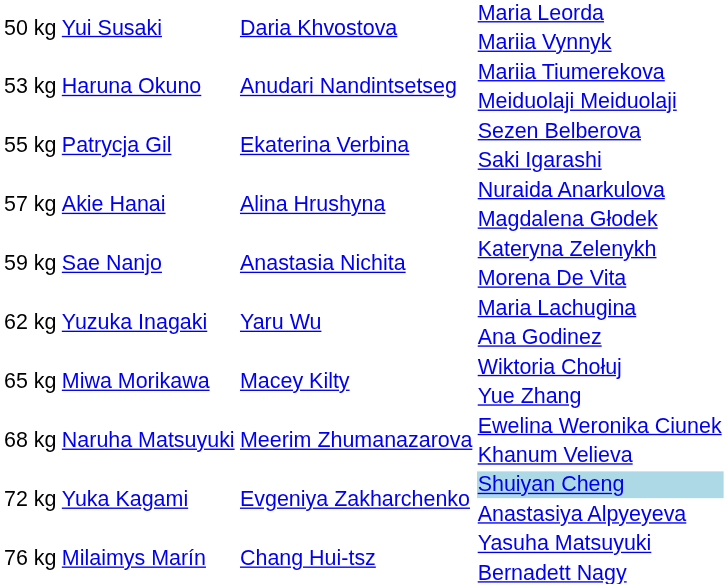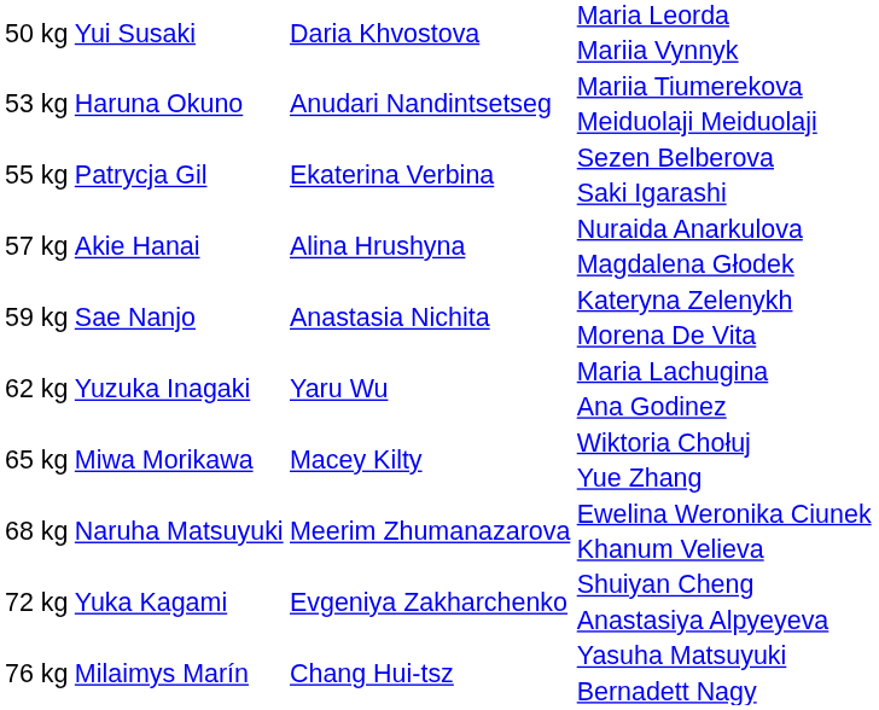 <table>
 <tr>
 <td rowspan=2>50 kg</td>
 <td rowspan=2> <a href='#'>Yui Susaki</a></td>
 <td rowspan=2> <a href='#'>Daria Khvostova</a></td>
 <td> <a href='#'>Maria Leorda</a></td>
 </tr>
 <tr>
 <td> <a href='#'>Mariia Vynnyk</a></td>
 </tr>
 <tr>
 <td rowspan=2>53 kg</td>
 <td rowspan=2> <a href='#'>Haruna Okuno</a></td>
 <td rowspan=2> <a href='#'>Anudari Nandintsetseg</a></td>
 <td> <a href='#'>Mariia Tiumerekova</a></td>
 </tr>
 <tr>
 <td> <a href='#'>Meiduolaji Meiduolaji</a></td>
 </tr>
 <tr>
 <td rowspan=2>55 kg</td>
 <td rowspan=2> <a href='#'>Patrycja Gil</a></td>
 <td rowspan=2> <a href='#'>Ekaterina Verbina</a></td>
 <td> <a href='#'>Sezen Belberova</a></td>
 </tr>
 <tr>
 <td> <a href='#'>Saki Igarashi</a></td>
 </tr>
 <tr>
 <td rowspan=2>57 kg</td>
 <td rowspan=2> <a href='#'>Akie Hanai</a></td>
 <td rowspan=2> <a href='#'>Alina Hrushyna</a></td>
 <td> <a href='#'>Nuraida Anarkulova</a></td>
 </tr>
 <tr>
 <td> <a href='#'>Magdalena Głodek</a></td>
 </tr>
 <tr>
 <td rowspan=2>59 kg</td>
 <td rowspan=2> <a href='#'>Sae Nanjo</a></td>
 <td rowspan=2> <a href='#'>Anastasia Nichita</a></td>
 <td> <a href='#'>Kateryna Zelenykh</a></td>
 </tr>
 <tr>
 <td> <a href='#'>Morena De Vita</a></td>
 </tr>
 <tr>
 <td rowspan=2>62 kg</td>
 <td rowspan=2> <a href='#'>Yuzuka Inagaki</a></td>
 <td rowspan=2> <a href='#'>Yaru Wu</a></td>
 <td> <a href='#'>Maria Lachugina</a></td>
 </tr>
 <tr>
 <td> <a href='#'>Ana Godinez</a></td>
 </tr>
 <tr>
 <td rowspan=2>65 kg</td>
 <td rowspan=2> <a href='#'>Miwa Morikawa</a></td>
 <td rowspan=2> <a href='#'>Macey Kilty</a></td>
 <td> <a href='#'>Wiktoria Chołuj</a></td>
 </tr>
 <tr>
 <td> <a href='#'>Yue Zhang</a></td>
 </tr>
 <tr>
 <td rowspan=2>68 kg</td>
 <td rowspan=2> <a href='#'>Naruha Matsuyuki</a></td>
 <td rowspan=2> <a href='#'>Meerim Zhumanazarova</a></td>
 <td> <a href='#'>Ewelina Weronika Ciunek</a></td>
 </tr>
 <tr>
 <td> <a href='#'>Khanum Velieva</a></td>
 </tr>
 <tr>
 <td rowspan=2>72 kg</td>
 <td rowspan=2> <a href='#'>Yuka Kagami</a></td>
 <td rowspan=2> <a href='#'>Evgeniya Zakharchenko</a></td>
-<td style="background: lightblue;"> <a href='#'>Shuiyan Cheng</a></td>
+<td> <a href='#'>Shuiyan Cheng</a></td>
 </tr>
 <tr>
 <td> <a href='#'>Anastasiya Alpyeyeva</a></td>
 </tr>
 <tr>
 <td rowspan=2>76 kg</td>
 <td rowspan=2> <a href='#'>Milaimys Marín</a></td>
 <td rowspan=2> <a href='#'>Chang Hui-tsz</a></td>
 <td> <a href='#'>Yasuha Matsuyuki</a></td>
 </tr>
 <tr>
 <td> <a href='#'>Bernadett Nagy</a></td>
 </tr>
 </table>
